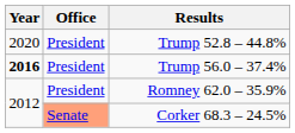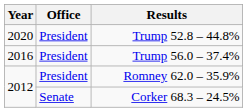 <table class=wikitable>
 <tr>
 <th width="30">Year</th>
 <th width="60">Office</th>
 <th width="180">Results</th>
 </tr>
 <tr>
 <td>2020</td>
 <td><a href='#'>President</a></td>
 <td align="right" ><a href='#'>Trump</a> 52.8 – 44.8%</td>
 </tr>
 <tr>
-<td><strong>2016</strong></td>
+<td>2016</td>
 <td><a href='#'>President</a></td>
 <td align="right" ><a href='#'>Trump</a> 56.0 – 37.4%</td>
 </tr>
 <tr>
 <td rowspan="2">2012</td>
 <td><a href='#'>President</a></td>
 <td align="right" ><a href='#'>Romney</a> 62.0 – 35.9%</td>
 </tr>
 <tr>
-<td style="background: lightsalmon;"><a href='#'>Senate</a></td>
+<td><a href='#'>Senate</a></td>
 <td align="right" ><a href='#'>Corker</a> 68.3 – 24.5%</td>
 </tr>
 </table>
